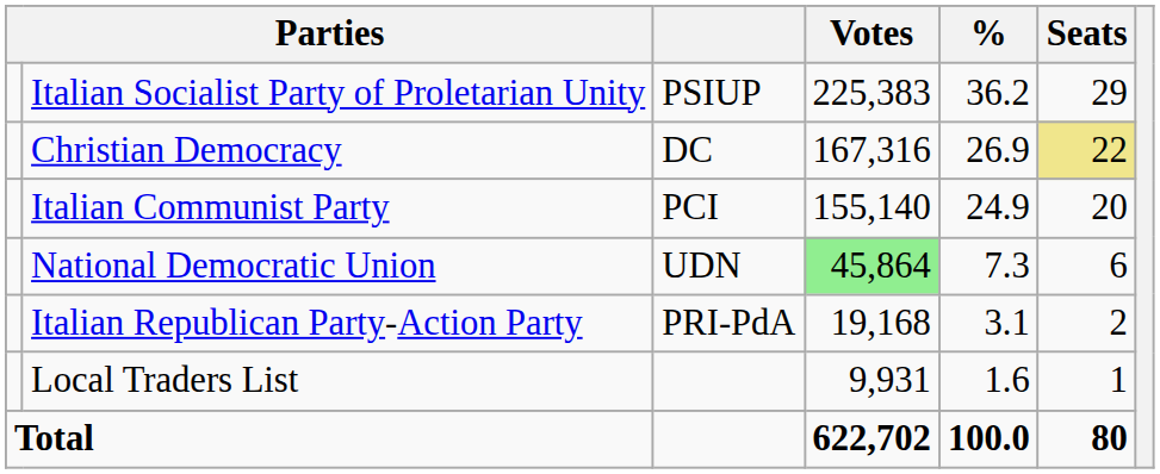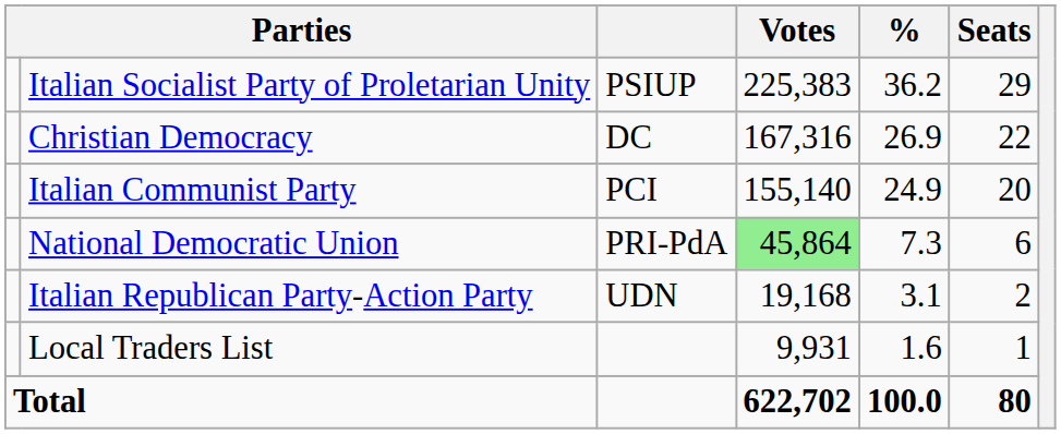 <table class="wikitable">
 <tr>
 <th colspan="2">Parties</th>
 <th></th>
 <th>Votes</th>
 <th>%</th>
 <th>Seats</th>
 <th rowspan="8"></th>
 </tr>
 <tr>
 <td style="background-color:"></td>
 <td><a href='#'>Italian Socialist Party of Proletarian Unity</a></td>
 <td>PSIUP</td>
 <td align=right>225,383</td>
 <td align=right>36.2</td>
 <td align=right>29</td>
 </tr>
 <tr>
 <td style="background-color:"></td>
 <td><a href='#'>Christian Democracy</a></td>
 <td>DC</td>
 <td align=right>167,316</td>
 <td align=right>26.9</td>
-<td align=right style="background: khaki;">22</td>
+<td align=right>22</td>
 </tr>
 <tr>
 <td style="background-color:"></td>
 <td><a href='#'>Italian Communist Party</a></td>
 <td>PCI</td>
 <td align=right>155,140</td>
 <td align=right>24.9</td>
 <td align=right>20</td>
 </tr>
 <tr>
 <td style="background-color:"></td>
 <td><a href='#'>National Democratic Union</a></td>
-<td>UDN</td>
+<td>PRI-PdA</td>
 <td align=right style="background: lightgreen;">45,864</td>
 <td align=right>7.3</td>
 <td align=right>6</td>
 </tr>
 <tr>
 <td style="background-color:"></td>
 <td><a href='#'>Italian Republican Party</a>-<a href='#'>Action Party</a></td>
-<td>PRI-PdA</td>
+<td>UDN</td>
 <td align=right>19,168</td>
 <td align=right>3.1</td>
 <td align=right>2</td>
 </tr>
 <tr>
 <td style="background-color:"></td>
 <td>Local Traders List</td>
 <td></td>
 <td align=right>9,931</td>
 <td align=right>1.6</td>
 <td align=right>1</td>
 </tr>
 <tr>
 <td colspan="2"><strong>Total</strong></td>
 <td></td>
 <td align=right><strong>622,702</strong></td>
 <td align=right><strong>100.0</strong></td>
 <td align=right><strong>80</strong></td>
 </tr>
 </table>
